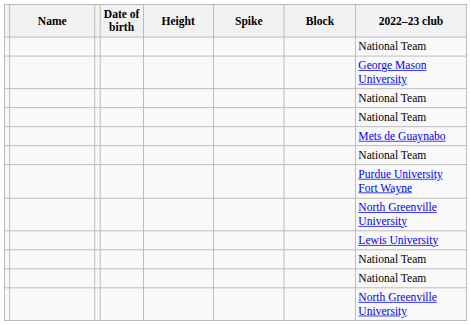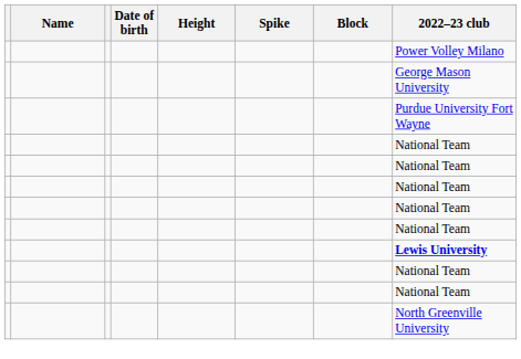 <table class="wikitable sortable" style="font-size:95%; text-align:center;">
 <tr>
 <th></th>
 <th style="width:14em">Name</th>
 <th></th>
 <th style="width:5em">Date of birth</th>
 <th style="width:10em">Height</th>
 <th style="width:11em">Spike</th>
 <th style="width:11em">Block</th>
 <th style="width:17em">2022–23 club</th>
 </tr>
 <tr>
 <td></td>
 <td align=left></td>
 <td></td>
 <td align=right></td>
 <td></td>
 <td></td>
 <td></td>
-<td align=left> National Team</td>
+<td align=left> <a href='#'>Power Volley Milano</a></td>
 </tr>
 <tr>
 <td></td>
 <td align=left></td>
 <td></td>
 <td align=right></td>
 <td></td>
 <td></td>
 <td></td>
 <td align=left> <a href='#'>George Mason University</a></td>
+</tr>
+<tr>
+<td></td>
+<td align=left></td>
+<td></td>
+<td align=right></td>
+<td></td>
+<td></td>
+<td></td>
+<td align=left> <a href='#'>Purdue University Fort Wayne</a></td>
 </tr>
 <tr>
 <td></td>
 <td align=left></td>
 <td></td>
 <td align=right></td>
 <td></td>
 <td></td>
 <td></td>
 <td align=left> National Team</td>
 </tr>
 <tr>
 <td></td>
 <td align=left></td>
 <td></td>
 <td align=right></td>
 <td></td>
 <td></td>
 <td></td>
 <td align=left> National Team</td>
 </tr>
 <tr>
 <td></td>
 <td align=left></td>
 <td></td>
 <td align=right></td>
 <td></td>
 <td></td>
 <td></td>
-<td align=left> <a href='#'>Mets de Guaynabo</a></td>
+<td align=left> National Team</td>
 </tr>
 <tr>
 <td></td>
 <td align=left></td>
 <td></td>
 <td align=right></td>
 <td></td>
 <td></td>
 <td></td>
 <td align=left> National Team</td>
 </tr>
 <tr>
 <td></td>
 <td align=left></td>
 <td></td>
 <td align=right></td>
 <td></td>
 <td></td>
 <td></td>
-<td align=left> <a href='#'>Purdue University Fort Wayne</a></td>
+<td align=left> National Team</td>
 </tr>
 <tr>
 <td></td>
 <td align=left></td>
 <td></td>
 <td align=right></td>
 <td></td>
 <td></td>
 <td></td>
-<td align=left> <a href='#'>North Greenville University</a></td>
-</tr>
-<tr>
-<td></td>
-<td align=left></td>
-<td></td>
-<td align=right></td>
-<td></td>
-<td></td>
-<td></td>
-<td align=left> <a href='#'>Lewis University</a></td>
+<td align=left><strong> <a href='#'>Lewis University</a></strong></td>
 </tr>
 <tr>
 <td></td>
 <td align=left></td>
 <td></td>
 <td align=right></td>
 <td></td>
 <td></td>
 <td></td>
 <td align=left> National Team</td>
 </tr>
 <tr>
 <td></td>
 <td align=left></td>
 <td></td>
 <td align=right></td>
 <td></td>
 <td></td>
 <td></td>
 <td align=left> National Team</td>
 </tr>
 <tr>
 <td></td>
 <td align=left></td>
 <td></td>
 <td align=right></td>
 <td></td>
 <td></td>
 <td></td>
 <td align=left> <a href='#'>North Greenville University</a></td>
 </tr>
 </table>
